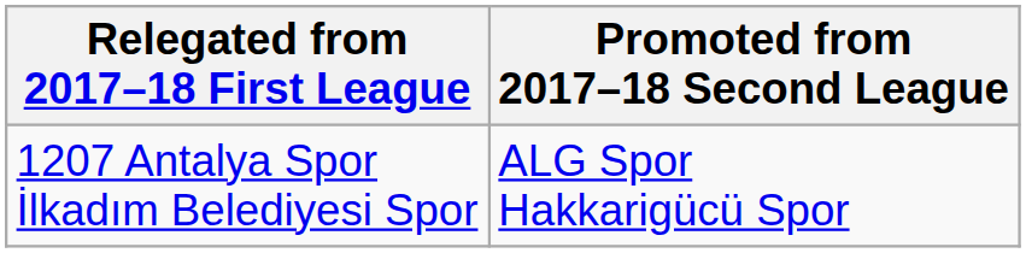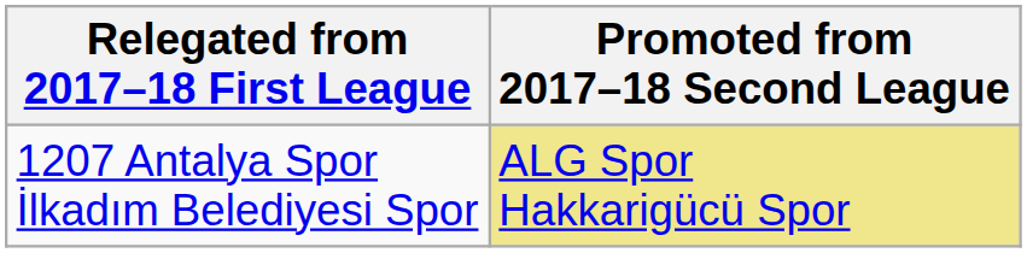 <table class="wikitable">
 <tr>
 <th>Relegated from<br><a href='#'>2017–18 First League</a></th>
 <th>Promoted from<br>2017–18 Second League</th>
 </tr>
 <tr>
 <td><a href='#'>1207 Antalya Spor</a><br><a href='#'>İlkadım Belediyesi Spor</a></td>
-<td><a href='#'>ALG Spor</a><br><a href='#'>Hakkarigücü Spor</a></td>
+<td style="background: khaki;"><a href='#'>ALG Spor</a><br><a href='#'>Hakkarigücü Spor</a></td>
 </tr>
 </table>
